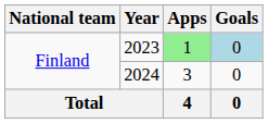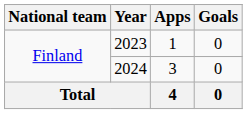 <table class="wikitable" style="text-align:center">
 <tr>
 <th>National team</th>
 <th>Year</th>
 <th>Apps</th>
 <th>Goals</th>
 </tr>
 <tr>
 <td rowspan="2"><a href='#'>Finland</a></td>
 <td>2023</td>
-<td style="background: lightgreen;">1</td>
-<td style="background: lightblue;">0</td>
+<td>1</td>
+<td>0</td>
 </tr>
 <tr>
 <td>2024</td>
 <td>3</td>
 <td>0</td>
 </tr>
 <tr>
 <th colspan="2">Total</th>
 <th>4</th>
 <th>0</th>
 </tr>
 </table>
